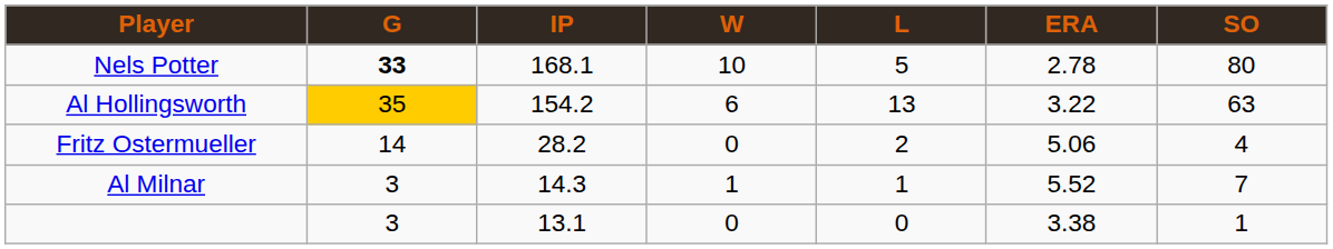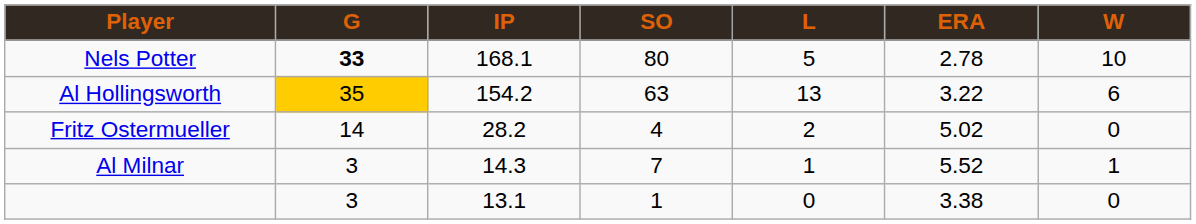 <table class="wikitable sortable">
 <tr>
 <th style="background:#312821;color:#de6108;" width="16%">Player</th>
 <th style="background:#312821;color:#de6108;" width="9%">G</th>
 <th style="background:#312821;color:#de6108;" width="9%">IP</th>
-<th style="background:#312821;color:#de6108;" width="9%">W</th>
+<th style="background:#312821;color:#de6108;" width="9%">SO</th>
 <th style="background:#312821;color:#de6108;" width="9%">L</th>
 <th style="background:#312821;color:#de6108;" width="9%">ERA</th>
-<th style="background:#312821;color:#de6108;" width="9%">SO</th>
+<th style="background:#312821;color:#de6108;" width="9%">W</th>
 </tr>
 <tr align="center">
 <td><a href='#'>Nels Potter</a></td>
 <td><strong>33</strong></td>
 <td>168.1</td>
-<td>10</td>
+<td>80</td>
 <td>5</td>
 <td>2.78</td>
-<td>80</td>
+<td>10</td>
 </tr>
 <tr align="center">
 <td><a href='#'>Al Hollingsworth</a></td>
 <td style="background:#fc0;">35</td>
 <td>154.2</td>
-<td>6</td>
+<td>63</td>
 <td>13</td>
 <td>3.22</td>
-<td>63</td>
+<td>6</td>
 </tr>
 <tr align="center">
 <td><a href='#'>Fritz Ostermueller</a></td>
 <td>14</td>
 <td>28.2</td>
+<td>4</td>
+<td>2</td>
+<td>5.02</td>
 <td>0</td>
-<td>2</td>
-<td>5.06</td>
-<td>4</td>
 </tr>
 <tr align="center">
 <td><a href='#'>Al Milnar</a></td>
 <td>3</td>
 <td>14.3</td>
-<td>1</td>
+<td>7</td>
 <td>1</td>
 <td>5.52</td>
-<td>7</td>
+<td>1</td>
 </tr>
 <tr align="center">
 <td></td>
 <td>3</td>
 <td>13.1</td>
-<td>0</td>
+<td>1</td>
 <td>0</td>
 <td>3.38</td>
-<td>1</td>
+<td>0</td>
 </tr>
 </table>
